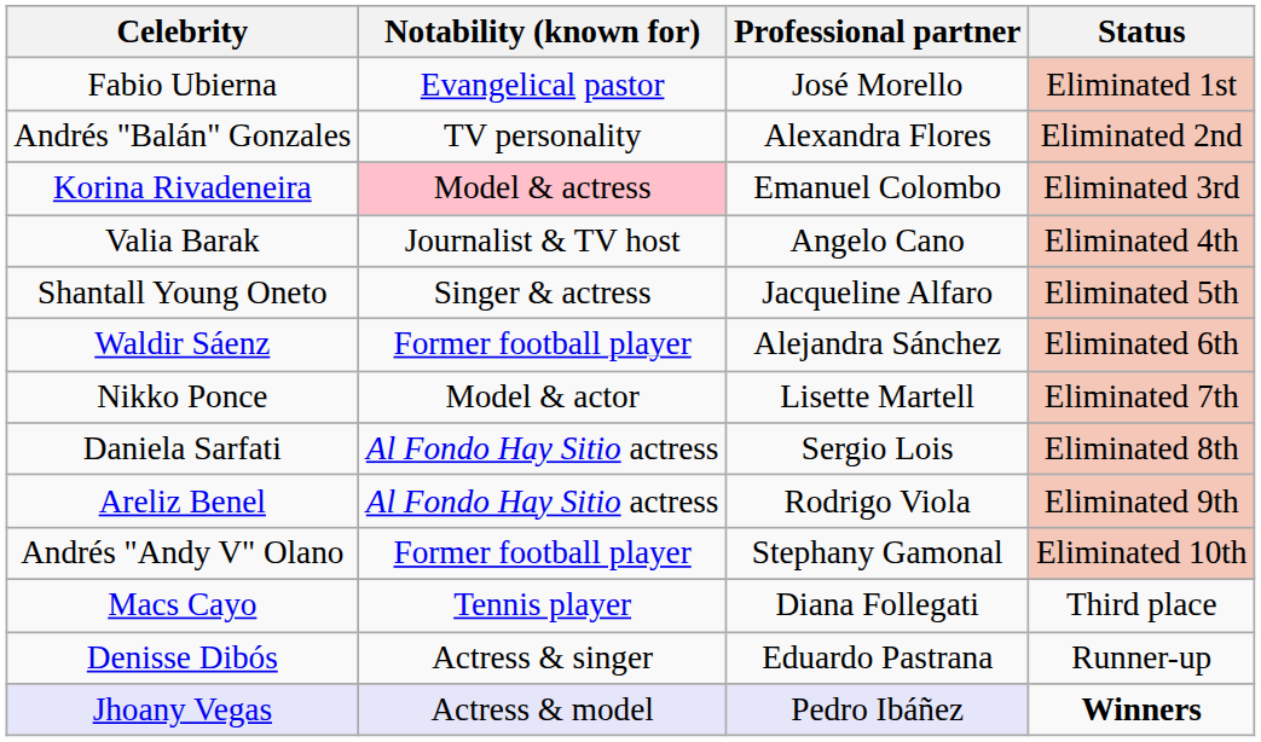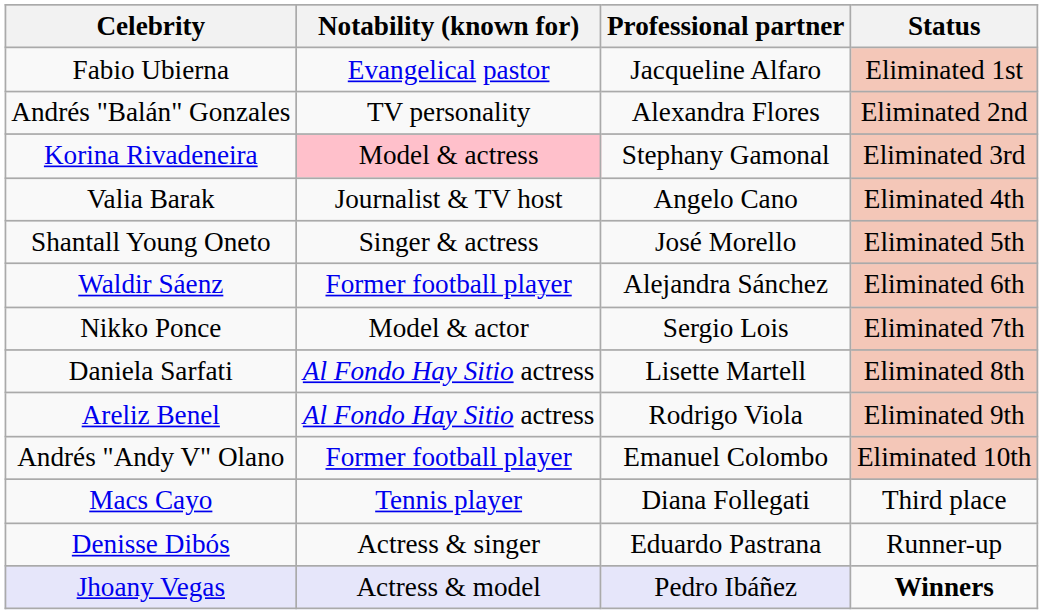 <table class= "wikitable sortable" style="text-align: center; margin:auto; align: center">
 <tr>
 <th>Celebrity</th>
 <th>Notability (known for)</th>
 <th>Professional partner</th>
 <th>Status</th>
 </tr>
 <tr>
 <td>Fabio Ubierna</td>
 <td><a href='#'>Evangelical</a> <a href='#'>pastor</a></td>
-<td>José Morello</td>
+<td>Jacqueline Alfaro</td>
 <td style="background:#f4c7b8;text-align:center">Eliminated 1st<br></td>
 </tr>
 <tr>
 <td>Andrés "Balán" Gonzales</td>
 <td>TV personality</td>
 <td>Alexandra Flores</td>
 <td style="background:#f4c7b8;text-align:center">Eliminated 2nd<br></td>
 </tr>
 <tr>
 <td><a href='#'>Korina Rivadeneira</a></td>
 <td style="background: pink;">Model & actress</td>
-<td>Emanuel Colombo</td>
+<td>Stephany Gamonal</td>
 <td style="background:#f4c7b8;text-align:center">Eliminated 3rd<br></td>
 </tr>
 <tr>
 <td>Valia Barak</td>
 <td>Journalist & TV host</td>
 <td>Angelo Cano</td>
 <td style="background:#f4c7b8;text-align:center">Eliminated 4th<br></td>
 </tr>
 <tr>
 <td>Shantall Young Oneto</td>
 <td>Singer & actress</td>
-<td>Jacqueline Alfaro</td>
+<td>José Morello</td>
 <td style="background:#f4c7b8;text-align:center">Eliminated 5th<br></td>
 </tr>
 <tr>
 <td><a href='#'>Waldir Sáenz</a></td>
 <td><a href='#'>Former football player</a></td>
 <td>Alejandra Sánchez</td>
 <td style="background:#f4c7b8;text-align:center">Eliminated 6th<br></td>
 </tr>
 <tr>
 <td>Nikko Ponce</td>
 <td>Model & actor</td>
-<td>Lisette Martell</td>
+<td>Sergio Lois</td>
 <td style="background:#f4c7b8;text-align:center">Eliminated 7th<br></td>
 </tr>
 <tr>
 <td>Daniela Sarfati</td>
 <td><em><a href='#'>Al Fondo Hay Sitio</a></em> actress</td>
-<td>Sergio Lois</td>
+<td>Lisette Martell</td>
 <td style="background:#f4c7b8;text-align:center">Eliminated 8th<br></td>
 </tr>
 <tr>
 <td><a href='#'>Areliz Benel</a></td>
 <td><em><a href='#'>Al Fondo Hay Sitio</a></em> actress</td>
 <td>Rodrigo Viola</td>
 <td style="background:#f4c7b8;text-align:center">Eliminated 9th<br></td>
 </tr>
 <tr>
 <td>Andrés "Andy V" Olano</td>
 <td><a href='#'>Former football player</a></td>
-<td>Stephany Gamonal</td>
+<td>Emanuel Colombo</td>
 <td style="background:#f4c7b8;text-align:center">Eliminated 10th<br></td>
 </tr>
 <tr>
 <td><a href='#'>Macs Cayo</a></td>
 <td><a href='#'>Tennis player</a></td>
 <td>Diana Follegati</td>
 <td style="background:D2B48C;text-align:center">Third place<br></td>
 </tr>
 <tr>
 <td><a href='#'>Denisse Dibós</a></td>
 <td>Actress & singer</td>
 <td>Eduardo Pastrana</td>
 <td style="background:C0C0C0;text-align:center">Runner-up<br></td>
 </tr>
 <tr>
 <td bgcolor=E6E6FA><a href='#'>Jhoany Vegas</a></td>
 <td bgcolor=E6E6FA>Actress & model</td>
 <td bgcolor=E6E6FA>Pedro Ibáñez</td>
 <td style="background:FFD700;text-align:center"><strong>Winners</strong><br></td>
 </tr>
 </table>
